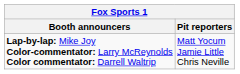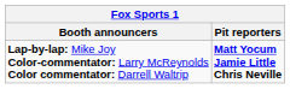 <table class="wikitable" style="font-size: 95%;">
 <tr>
 <th colspan="2"><a href='#'>Fox Sports 1</a></th>
 </tr>
 <tr>
 <th>Booth announcers</th>
 <th>Pit reporters</th>
 </tr>
 <tr>
 <td><strong>Lap-by-lap:</strong> <a href='#'>Mike Joy</a><br><strong>Color-commentator:</strong> <a href='#'>Larry McReynolds</a><br><strong>Color commentator:</strong> <a href='#'>Darrell Waltrip</a></td>
-<td><a href='#'>Matt Yocum</a><br><a href='#'>Jamie Little</a><br>Chris Neville</td>
+<td><strong><a href='#'>Matt Yocum</a><br><a href='#'>Jamie Little</a><br>Chris Neville</strong></td>
 </tr>
 </table>
